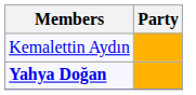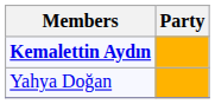 <table class=wikitable style="border:1px solid #8888aa; background-color:#f7f8ff; padding:0px; font-size:90%;">
 <tr>
 <th>Members</th>
 <th colspan="2">Party</th>
 </tr>
 <tr>
-<td><a href='#'>Kemalettin Aydın</a></td>
+<td><strong><a href='#'>Kemalettin Aydın</a></strong></td>
 <td style="background: #ffb300"></td>
 </tr>
 <tr>
-<td><strong><a href='#'>Yahya Doğan</a></strong></td>
+<td><a href='#'>Yahya Doğan</a></td>
 <td style="background: #ffb300"></td>
 </tr>
 <tr>
 </tr>
 </table>
